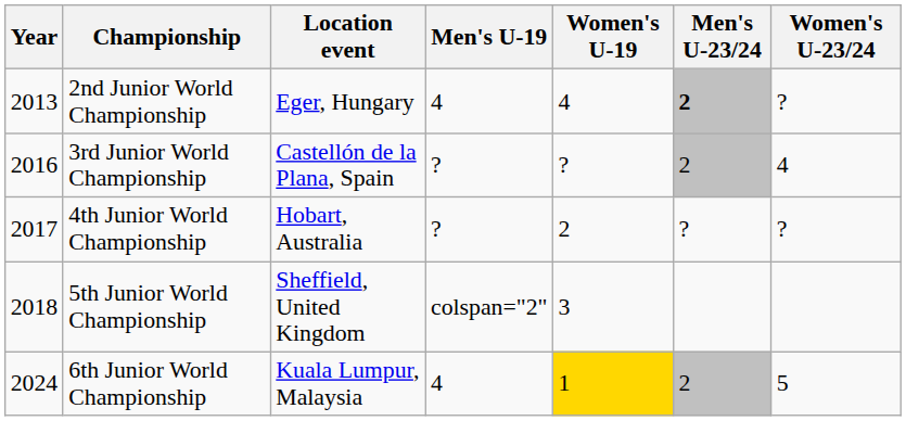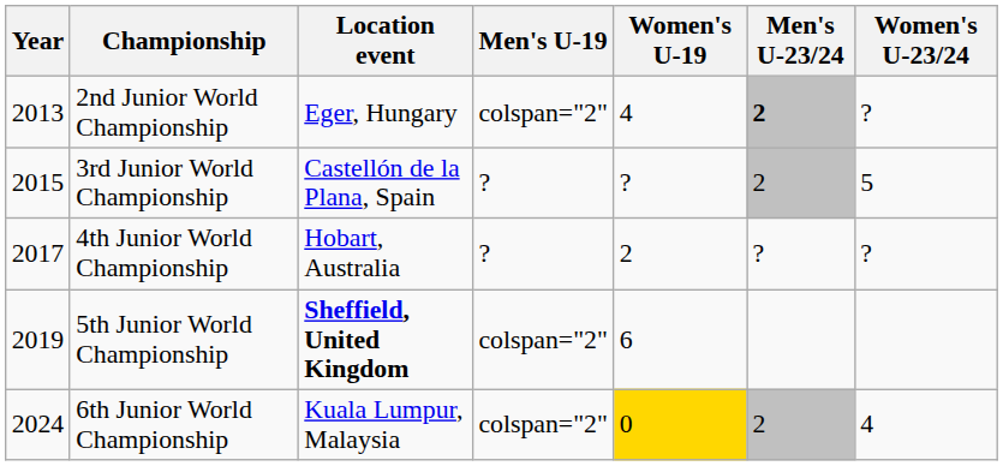 <table class="wikitable">
 <tr>
 <th>Year</th>
 <th>Championship</th>
 <th>Location event</th>
 <th>Men's U-19</th>
 <th>Women's U-19</th>
 <th>Men's U-23/24</th>
 <th>Women's U-23/24</th>
 </tr>
 <tr>
 <td>2013</td>
 <td>2nd Junior World Championship</td>
 <td> <a href='#'>Eger</a>, Hungary</td>
-<td>4</td>
+<td>colspan="2"</td>
 <td>4</td>
 <td bgcolor=silver><strong>2</strong></td>
 <td>?</td>
 </tr>
 <tr>
-<td>2016</td>
+<td>2015</td>
 <td>3rd Junior World Championship</td>
 <td> <a href='#'>Castellón de la Plana</a>, Spain</td>
 <td>?</td>
 <td>?</td>
 <td bgcolor=silver>2</td>
-<td>4</td>
+<td>5</td>
 </tr>
 <tr>
 <td>2017</td>
 <td>4th Junior World Championship</td>
 <td> <a href='#'>Hobart</a>, Australia</td>
 <td>?</td>
 <td>2</td>
 <td>?</td>
 <td>?</td>
 </tr>
 <tr>
-<td>2018</td>
+<td>2019</td>
 <td>5th Junior World Championship</td>
-<td> <a href='#'>Sheffield</a>, United Kingdom</td>
+<td><strong> <a href='#'>Sheffield</a>, United Kingdom</strong></td>
 <td>colspan="2"</td>
-<td>3</td>
+<td>6</td>
 <td></td>
 </tr>
 <tr>
 <td>2024</td>
 <td>6th Junior World Championship </td>
 <td> <a href='#'>Kuala Lumpur</a>, Malaysia</td>
+<td>colspan="2"</td>
+<td bgcolor=gold>0</td>
+<td bgcolor=silver>2</td>
 <td>4</td>
-<td bgcolor=gold>1</td>
-<td bgcolor=silver>2</td>
-<td>5</td>
 </tr>
 </table>
